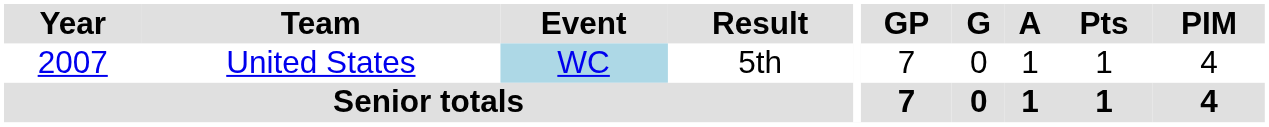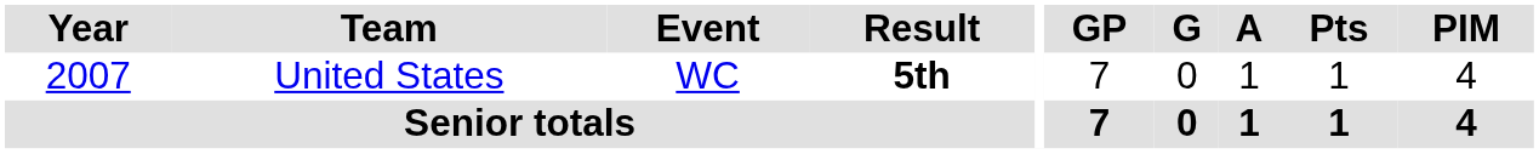 <table border="0" cellpadding="1" cellspacing="0" ID="Table3" style="text-align:center; width:40em">
 <tr ALIGN="center" bgcolor="#e0e0e0">
 <th>Year</th>
 <th>Team</th>
 <th>Event</th>
 <th>Result</th>
 <th rowspan="99" bgcolor="#ffffff"></th>
 <th>GP</th>
 <th>G</th>
 <th>A</th>
 <th>Pts</th>
 <th>PIM</th>
 </tr>
 <tr>
 <td><a href='#'>2007</a></td>
 <td><a href='#'>United States</a></td>
-<td style="background: lightblue;"><a href='#'>WC</a></td>
-<td>5th</td>
+<td><a href='#'>WC</a></td>
+<td><strong>5th</strong></td>
 <td>7</td>
 <td>0</td>
 <td>1</td>
 <td>1</td>
 <td>4</td>
 </tr>
 <tr bgcolor="#e0e0e0">
 <th colspan="4">Senior totals</th>
 <th>7</th>
 <th>0</th>
 <th>1</th>
 <th>1</th>
 <th>4</th>
 </tr>
 </table>
